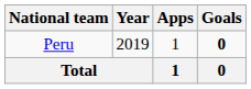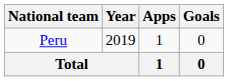 <table class="wikitable" style="text-align:center">
 <tr>
 <th>National team</th>
 <th>Year</th>
 <th>Apps</th>
 <th>Goals</th>
 </tr>
 <tr>
 <td rowspan="1"><a href='#'>Peru</a></td>
 <td>2019</td>
 <td>1</td>
-<td><strong>0</strong></td>
+<td>0</td>
 </tr>
 <tr>
 <th colspan=2>Total</th>
 <th>1</th>
 <th>0</th>
 </tr>
 </table>
